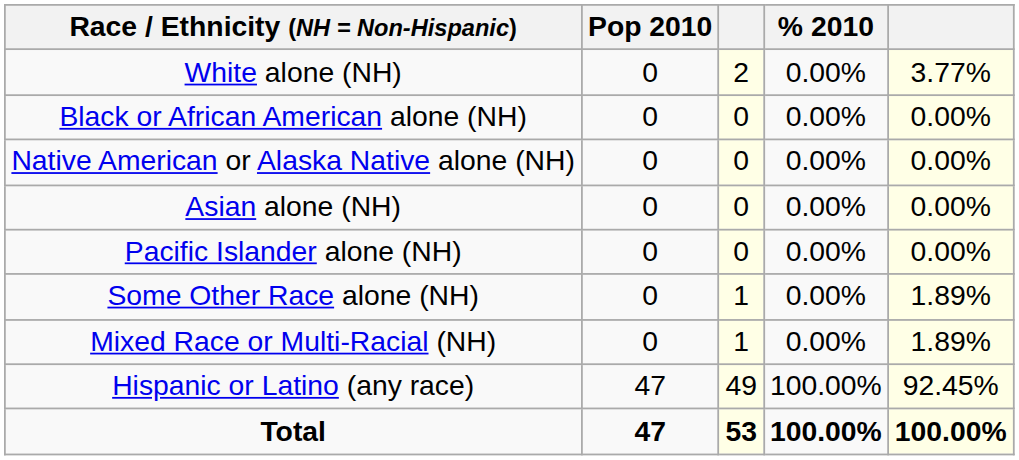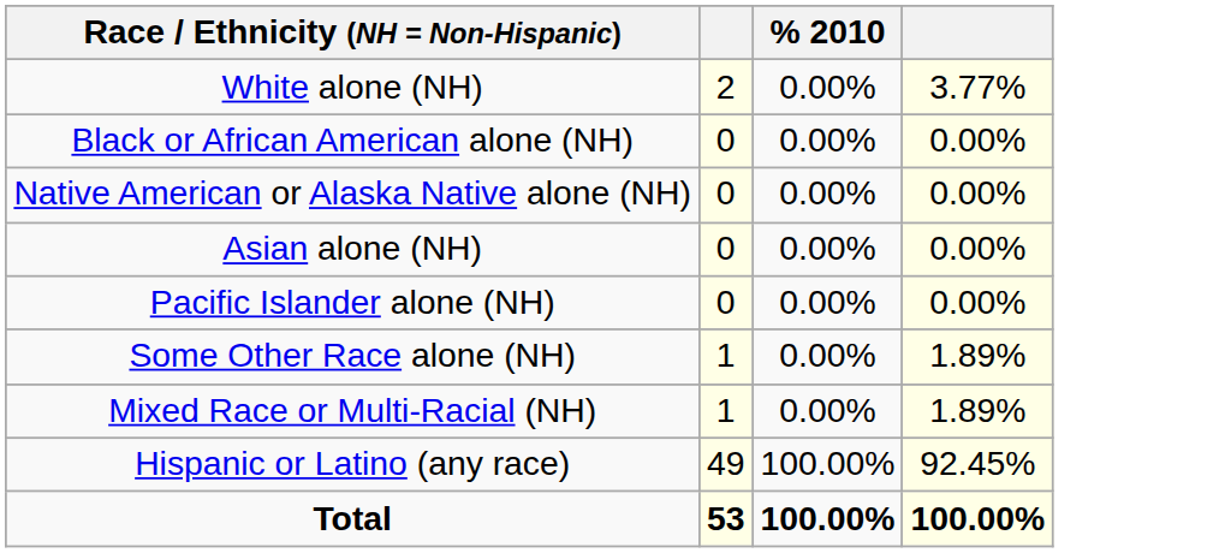 <table class="wikitable" style="text-align:center;">
 <tr>
 <th>Race / Ethnicity <small>(<em>NH = Non-Hispanic</em>)</small></th>
-<th>Pop 2010</th>
 <th></th>
 <th>% 2010</th>
 <th></th>
 </tr>
 <tr>
 <td><a href='#'>White</a> alone (NH)</td>
-<td>0</td>
 <td style='background: #ffffe6;'>2</td>
 <td>0.00%</td>
 <td style='background: #ffffe6;'>3.77%</td>
 </tr>
 <tr>
 <td><a href='#'>Black or African American</a> alone (NH)</td>
-<td>0</td>
 <td style='background: #ffffe6;'>0</td>
 <td>0.00%</td>
 <td style='background: #ffffe6;'>0.00%</td>
 </tr>
 <tr>
 <td><a href='#'>Native American</a> or <a href='#'>Alaska Native</a> alone (NH)</td>
-<td>0</td>
 <td style='background: #ffffe6;'>0</td>
 <td>0.00%</td>
 <td style='background: #ffffe6;'>0.00%</td>
 </tr>
 <tr>
 <td><a href='#'>Asian</a> alone (NH)</td>
-<td>0</td>
 <td style='background: #ffffe6;'>0</td>
 <td>0.00%</td>
 <td style='background: #ffffe6;'>0.00%</td>
 </tr>
 <tr>
 <td><a href='#'>Pacific Islander</a> alone (NH)</td>
-<td>0</td>
 <td style='background: #ffffe6;'>0</td>
 <td>0.00%</td>
 <td style='background: #ffffe6;'>0.00%</td>
 </tr>
 <tr>
 <td><a href='#'>Some Other Race</a> alone (NH)</td>
-<td>0</td>
 <td style='background: #ffffe6;'>1</td>
 <td>0.00%</td>
 <td style='background: #ffffe6;'>1.89%</td>
 </tr>
 <tr>
 <td><a href='#'>Mixed Race or Multi-Racial</a> (NH)</td>
-<td>0</td>
 <td style='background: #ffffe6;'>1</td>
 <td>0.00%</td>
 <td style='background: #ffffe6;'>1.89%</td>
 </tr>
 <tr>
 <td><a href='#'>Hispanic or Latino</a> (any race)</td>
-<td>47</td>
 <td style='background: #ffffe6;'>49</td>
 <td>100.00%</td>
 <td style='background: #ffffe6;'>92.45%</td>
 </tr>
 <tr>
 <td><strong>Total</strong></td>
-<td><strong>47</strong></td>
 <td style='background: #ffffe6;'><strong>53</strong></td>
 <td><strong>100.00%</strong></td>
 <td style='background: #ffffe6;'><strong>100.00%</strong></td>
 </tr>
 </table>
